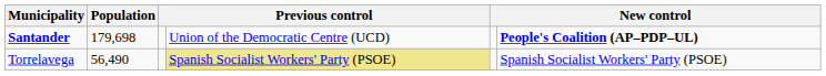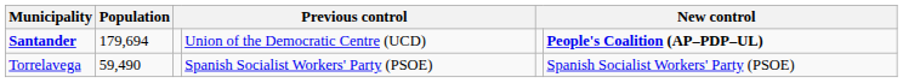 <table class="wikitable sortable">
 <tr>
 <th>Municipality</th>
 <th>Population</th>
 <th colspan="2" style="width:375px;">Previous control</th>
 <th colspan="2" style="width:375px;">New control</th>
 </tr>
 <tr>
 <td><strong><a href='#'>Santander</a></strong></td>
-<td>179,698</td>
+<td>179,694</td>
 <td width="1" style="color:inherit;background:"></td>
 <td><a href='#'>Union of the Democratic Centre</a> (UCD)</td>
 <td width="1" style="color:inherit;background:"></td>
 <td><strong><a href='#'>People's Coalition</a> (AP–PDP–UL)</strong></td>
 </tr>
 <tr>
 <td><a href='#'>Torrelavega</a></td>
-<td>56,490</td>
+<td>59,490</td>
 <td style="color:inherit;background:"></td>
-<td style="background: khaki;"><a href='#'>Spanish Socialist Workers' Party</a> (PSOE)</td>
+<td><a href='#'>Spanish Socialist Workers' Party</a> (PSOE)</td>
 <td style="color:inherit;background:"></td>
 <td><a href='#'>Spanish Socialist Workers' Party</a> (PSOE)</td>
 </tr>
 </table>
